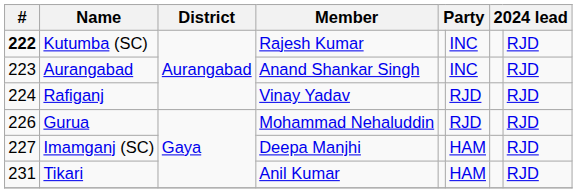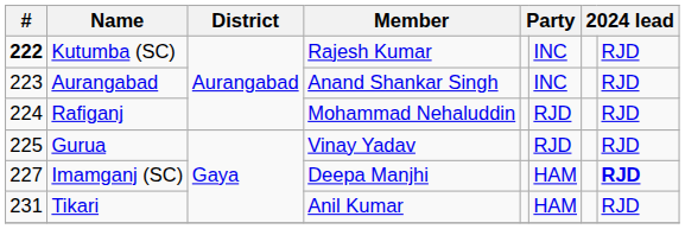 <table class="wikitable">
 <tr>
 <th>#</th>
 <th>Name</th>
 <th>District</th>
 <th>Member</th>
 <th colspan="2">Party</th>
 <th colspan="2">2024 lead</th>
 </tr>
 <tr>
 <td><strong>222</strong></td>
 <td><a href='#'>Kutumba</a> (SC)</td>
 <td rowspan="3"><a href='#'>Aurangabad</a></td>
 <td><a href='#'>Rajesh Kumar</a></td>
 <td style="background-color: "></td>
 <td><a href='#'>INC</a></td>
 <td style="background-color: "></td>
 <td><a href='#'>RJD</a></td>
 </tr>
 <tr>
 <td>223</td>
 <td><a href='#'>Aurangabad</a></td>
 <td><a href='#'>Anand Shankar Singh</a></td>
 <td style="background-color: "></td>
 <td><a href='#'>INC</a></td>
 <td style="background-color: "></td>
 <td><a href='#'>RJD</a></td>
 </tr>
 <tr>
 <td>224</td>
 <td><a href='#'>Rafiganj</a></td>
-<td><a href='#'>Vinay Yadav</a></td>
+<td><a href='#'>Mohammad Nehaluddin</a></td>
 <td style="background-color: "></td>
 <td><a href='#'>RJD</a></td>
 <td style="background-color: "></td>
 <td><a href='#'>RJD</a></td>
 </tr>
 <tr>
-<td>226</td>
+<td>225</td>
 <td><a href='#'>Gurua</a></td>
 <td rowspan="3"><a href='#'>Gaya</a></td>
-<td><a href='#'>Mohammad Nehaluddin</a></td>
+<td><a href='#'>Vinay Yadav</a></td>
 <td style="background-color: "></td>
 <td><a href='#'>RJD</a></td>
 <td style="background-color: "></td>
 <td><a href='#'>RJD</a></td>
 </tr>
 <tr>
 <td>227</td>
 <td><a href='#'>Imamganj</a> (SC)</td>
 <td><a href='#'>Deepa Manjhi</a></td>
 <td style="background-color: "></td>
 <td><a href='#'>HAM</a></td>
 <td style="background-color: "></td>
-<td><a href='#'>RJD</a></td>
+<td><strong><a href='#'>RJD</a></strong></td>
 </tr>
 <tr>
 <td>231</td>
 <td><a href='#'>Tikari</a></td>
 <td><a href='#'>Anil Kumar</a></td>
 <td style="background-color: "></td>
 <td><a href='#'>HAM</a></td>
 <td style="background-color: "></td>
 <td><a href='#'>RJD</a></td>
 </tr>
 <tr>
 </tr>
 </table>
